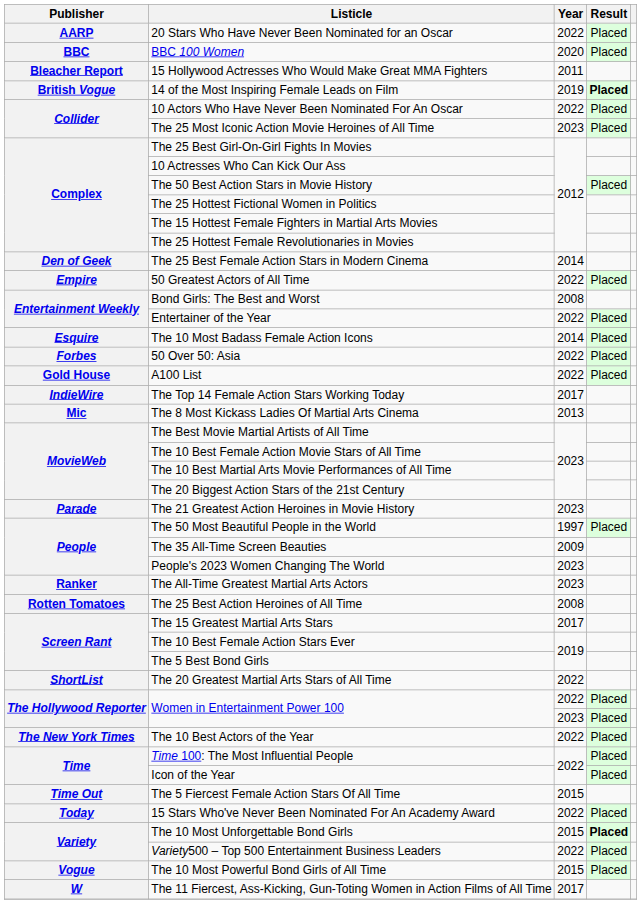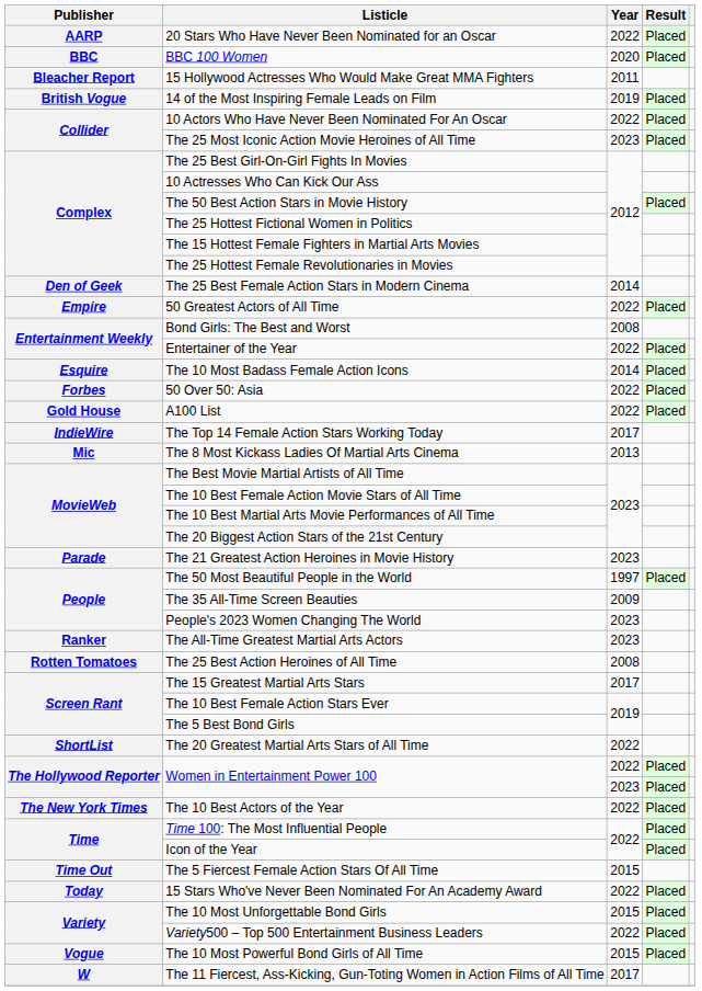 <table class="wikitable sortable plainrowheaders">
 <tr>
 <th scope="col">Publisher</th>
 <th scope="col">Listicle</th>
 <th scope="col">Year</th>
 <th scope="col">Result</th>
 <th scope="col" class="unsortable"></th>
 </tr>
 <tr>
 <th scope="row"><a href='#'>AARP</a></th>
 <td>20 Stars Who Have Never Been Nominated for an Oscar</td>
 <td style="text-align:center;">2022</td>
 <td style="text-align:center; background: #DFD;">Placed</td>
 <td style="text-align:center;"></td>
 </tr>
 <tr>
 <th scope="row"><a href='#'>BBC</a></th>
 <td><a href='#'>BBC <em>100 Women</em></a></td>
 <td style="text-align:center;">2020</td>
 <td style="text-align:center; background: #DFD;">Placed</td>
 <td style="text-align:center;"></td>
 </tr>
 <tr>
 <th scope="row"><a href='#'>Bleacher Report</a></th>
 <td>15 Hollywood Actresses Who Would Make Great MMA Fighters</td>
 <td style="text-align:center;">2011</td>
 <td></td>
 <td style="text-align:center;"></td>
 </tr>
 <tr>
 <th scope="row"><a href='#'>British <em>Vogue</em></a></th>
 <td>14 of the Most Inspiring Female Leads on Film</td>
 <td style="text-align:center;">2019</td>
-<td style="text-align:center; background: #DFD;"><strong>Placed</strong></td>
+<td style="text-align:center; background: #DFD;">Placed</td>
 <td style="text-align:center;"></td>
 </tr>
 <tr>
 <th scope="row" rowspan="2"><em><a href='#'>Collider</a></em></th>
 <td>10 Actors Who Have Never Been Nominated For An Oscar</td>
 <td style="text-align:center;">2022</td>
 <td style="text-align:center; background: #DFD;">Placed</td>
 <td style="text-align:center;"></td>
 </tr>
 <tr>
 <td>The 25 Most Iconic Action Movie Heroines of All Time</td>
 <td style="text-align:center;">2023</td>
 <td style="text-align:center; background: #DFD;">Placed</td>
 <td style="text-align:center;"></td>
 </tr>
 <tr>
 <th scope="row" rowspan="6"><a href='#'>Complex</a></th>
 <td>The 25 Best Girl-On-Girl Fights In Movies</td>
 <td style="text-align:center;" rowspan="6">2012</td>
 <td></td>
 <td style="text-align:center;"></td>
 </tr>
 <tr>
 <td>10 Actresses Who Can Kick Our Ass</td>
 <td></td>
 <td style="text-align:center;"></td>
 </tr>
 <tr>
 <td>The 50 Best Action Stars in Movie History</td>
 <td style="text-align:center; background: #DFD;">Placed</td>
 <td style="text-align:center;"></td>
 </tr>
 <tr>
 <td>The 25 Hottest Fictional Women in Politics</td>
 <td></td>
 <td style="text-align:center;"></td>
 </tr>
 <tr>
 <td>The 15 Hottest Female Fighters in Martial Arts Movies</td>
 <td></td>
 <td style="text-align:center;"></td>
 </tr>
 <tr>
 <td>The 25 Hottest Female Revolutionaries in Movies</td>
 <td></td>
 <td style="text-align:center;"></td>
 </tr>
 <tr>
 <th scope="row"><em><a href='#'>Den of Geek</a></em></th>
 <td>The 25 Best Female Action Stars in Modern Cinema</td>
 <td style="text-align:center;">2014</td>
 <td></td>
 <td style="text-align:center;"></td>
 </tr>
 <tr>
 <th scope="row"><em><a href='#'>Empire</a></em></th>
 <td>50 Greatest Actors of All Time</td>
 <td style="text-align:center;">2022</td>
 <td style="text-align:center; background: #DFD;">Placed</td>
 <td style="text-align:center;"></td>
 </tr>
 <tr>
 <th scope="row" rowspan="2"><em><a href='#'>Entertainment Weekly</a></em></th>
 <td>Bond Girls: The Best and Worst</td>
 <td style="text-align:center;">2008</td>
 <td></td>
 <td style="text-align:center;"></td>
 </tr>
 <tr>
 <td>Entertainer of the Year</td>
 <td style="text-align:center;">2022</td>
 <td style="text-align:center; background: #DFD;">Placed</td>
 <td style="text-align:center;"></td>
 </tr>
 <tr>
 <th scope="row"><em><a href='#'>Esquire</a></em></th>
 <td>The 10 Most Badass Female Action Icons</td>
 <td style="text-align:center;">2014</td>
 <td style="text-align:center; background: #DFD;">Placed</td>
 <td style="text-align:center;"></td>
 </tr>
 <tr>
 <th scope="row"><em><a href='#'>Forbes</a></em></th>
 <td>50 Over 50: Asia</td>
 <td style="text-align:center;">2022</td>
 <td style="text-align:center; background: #DFD;">Placed</td>
 <td style="text-align:center;"></td>
 </tr>
 <tr>
 <th scope="row"><a href='#'>Gold House</a></th>
 <td>A100 List</td>
 <td style="text-align:center;">2022</td>
 <td style="text-align:center; background: #DFD;">Placed</td>
 <td style="text-align:center;"></td>
 </tr>
 <tr>
 <th scope="row"><em><a href='#'>IndieWire</a></em></th>
 <td>The Top 14 Female Action Stars Working Today</td>
 <td style="text-align:center;">2017</td>
 <td></td>
 <td style="text-align:center;"></td>
 </tr>
 <tr>
 <th scope="row"><a href='#'>Mic</a></th>
 <td>The 8 Most Kickass Ladies Of Martial Arts Cinema</td>
 <td style="text-align:center;">2013</td>
 <td></td>
 <td style="text-align:center;"></td>
 </tr>
 <tr>
 <th scope="row" rowspan="4"><em><a href='#'>MovieWeb</a></em></th>
 <td>The Best Movie Martial Artists of All Time</td>
 <td style="text-align:center;" rowspan="4">2023</td>
 <td></td>
 <td style="text-align:center;"></td>
 </tr>
 <tr>
 <td>The 10 Best Female Action Movie Stars of All Time</td>
 <td></td>
 <td style="text-align:center;"></td>
 </tr>
 <tr>
 <td>The 10 Best Martial Arts Movie Performances of All Time</td>
 <td></td>
 <td style="text-align:center;"></td>
 </tr>
 <tr>
 <td>The 20 Biggest Action Stars of the 21st Century</td>
 <td></td>
 <td style="text-align:center;"></td>
 </tr>
 <tr>
 <th scope="row"><em><a href='#'>Parade</a></em></th>
 <td>The 21 Greatest Action Heroines in Movie History</td>
 <td style="text-align:center;">2023</td>
 <td></td>
 <td style="text-align:center;"></td>
 </tr>
 <tr>
 <th scope="row" rowspan="3"><em><a href='#'>People</a></em></th>
 <td>The 50 Most Beautiful People in the World</td>
 <td style="text-align:center;">1997</td>
 <td style="text-align:center; background: #DFD;">Placed</td>
 <td style="text-align:center;"></td>
 </tr>
 <tr>
 <td>The 35 All-Time Screen Beauties</td>
 <td style="text-align:center;">2009</td>
 <td></td>
 <td style="text-align:center;"></td>
 </tr>
 <tr>
 <td>People's 2023 Women Changing The World</td>
 <td style="text-align:center;">2023</td>
 <td></td>
 <td style="text-align:center;"></td>
 </tr>
 <tr>
 <th scope="row"><a href='#'>Ranker</a></th>
 <td>The All-Time Greatest Martial Arts Actors</td>
 <td style="text-align:center;">2023</td>
 <td></td>
 <td style="text-align:center;"></td>
 </tr>
 <tr>
 <th scope="row"><a href='#'>Rotten Tomatoes</a></th>
 <td>The 25 Best Action Heroines of All Time</td>
 <td style="text-align:center;">2008</td>
 <td></td>
 <td style="text-align:center;"></td>
 </tr>
 <tr>
 <th scope="row" rowspan="3"><em><a href='#'>Screen Rant</a></em></th>
 <td>The 15 Greatest Martial Arts Stars</td>
 <td style="text-align:center;">2017</td>
 <td></td>
 <td style="text-align:center;"></td>
 </tr>
 <tr>
 <td>The 10 Best Female Action Stars Ever</td>
 <td style="text-align:center;" rowspan="2">2019</td>
 <td></td>
 <td style="text-align:center;"></td>
 </tr>
 <tr>
 <td>The 5 Best Bond Girls</td>
 <td></td>
 <td style="text-align:center;"></td>
 </tr>
 <tr>
 <th scope="row"><em><a href='#'>ShortList</a></em></th>
 <td>The 20 Greatest Martial Arts Stars of All Time</td>
 <td style="text-align:center;">2022</td>
 <td></td>
 <td style="text-align:center;"></td>
 </tr>
 <tr>
 <th scope="row" rowspan="2"><em><a href='#'>The Hollywood Reporter</a></em></th>
 <td rowspan="2"><a href='#'>Women in Entertainment Power 100</a></td>
 <td style="text-align:center;">2022</td>
 <td style="text-align:center; background: #DFD;">Placed</td>
 <td style="text-align:center;"></td>
 </tr>
 <tr>
 <td style="text-align:center;">2023</td>
 <td style="text-align:center; background: #DFD;">Placed</td>
 <td style="text-align:center;"></td>
 </tr>
 <tr>
 <th scope="row"><em><a href='#'>The New York Times</a></em></th>
 <td>The 10 Best Actors of the Year</td>
 <td style="text-align:center;">2022</td>
 <td style="text-align:center; background: #DFD;">Placed</td>
 <td style="text-align:center;"></td>
 </tr>
 <tr>
 <th scope="row" rowspan="2"><em><a href='#'>Time</a></em></th>
 <td><a href='#'><em>Time</em> 100</a>: The Most Influential People</td>
 <td style="text-align:center;" rowspan="2">2022</td>
 <td style="text-align:center; background: #DFD;">Placed</td>
 <td style="text-align:center;"></td>
 </tr>
 <tr>
 <td>Icon of the Year</td>
 <td style="text-align:center; background: #DFD;">Placed</td>
 <td style="text-align:center;"></td>
 </tr>
 <tr>
 <th scope="row"><em><a href='#'>Time Out</a></em></th>
 <td>The 5 Fiercest Female Action Stars Of All Time</td>
 <td style="text-align:center;">2015</td>
 <td></td>
 <td style="text-align:center;"></td>
 </tr>
 <tr>
 <th scope="row"><em><a href='#'>Today</a></em></th>
 <td>15 Stars Who've Never Been Nominated For An Academy Award</td>
 <td style="text-align:center;">2022</td>
 <td style="text-align:center; background: #DFD;">Placed</td>
 <td style="text-align:center;"></td>
 </tr>
 <tr>
 <th scope="row" rowspan="2"><em><a href='#'>Variety</a></em></th>
 <td>The 10 Most Unforgettable Bond Girls</td>
 <td style="text-align:center;">2015</td>
-<td style="text-align:center; background: #DFD;"><strong>Placed</strong></td>
+<td style="text-align:center; background: #DFD;">Placed</td>
 <td style="text-align:center;"></td>
 </tr>
 <tr>
 <td><em>Variety</em>500 – Top 500 Entertainment Business Leaders</td>
 <td style="text-align:center;">2022</td>
 <td style="text-align:center; background: #DFD;">Placed</td>
 <td style="text-align:center;"></td>
 </tr>
 <tr>
 <th scope="row"><em><a href='#'>Vogue</a></em></th>
 <td>The 10 Most Powerful Bond Girls of All Time</td>
 <td style="text-align:center;">2015</td>
 <td style="text-align:center; background: #DFD;">Placed</td>
 <td style="text-align:center;"></td>
 </tr>
 <tr>
 <th scope="row"><em><a href='#'>W</a></em></th>
 <td>The 11 Fiercest, Ass-Kicking, Gun-Toting Women in Action Films of All Time</td>
 <td style="text-align:center;">2017</td>
 <td></td>
 <td style="text-align:center;"></td>
 </tr>
 <tr>
 </tr>
 </table>
